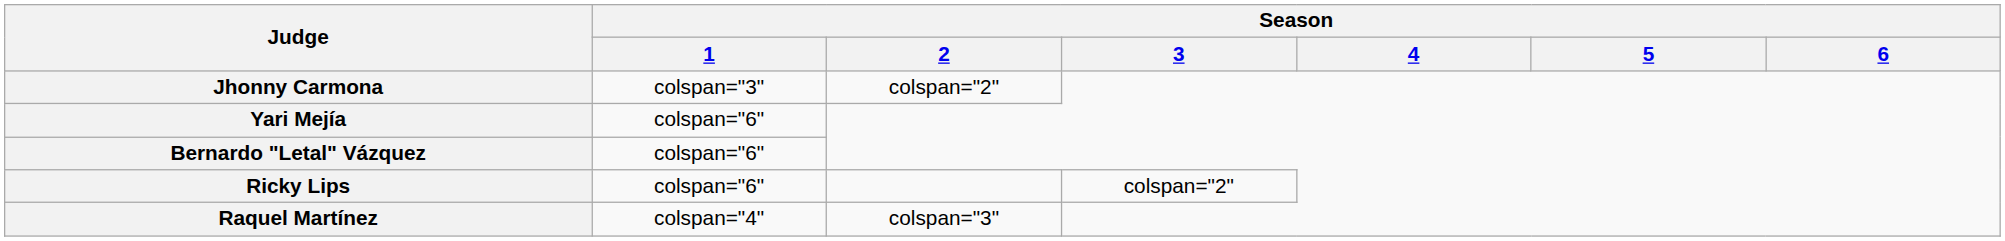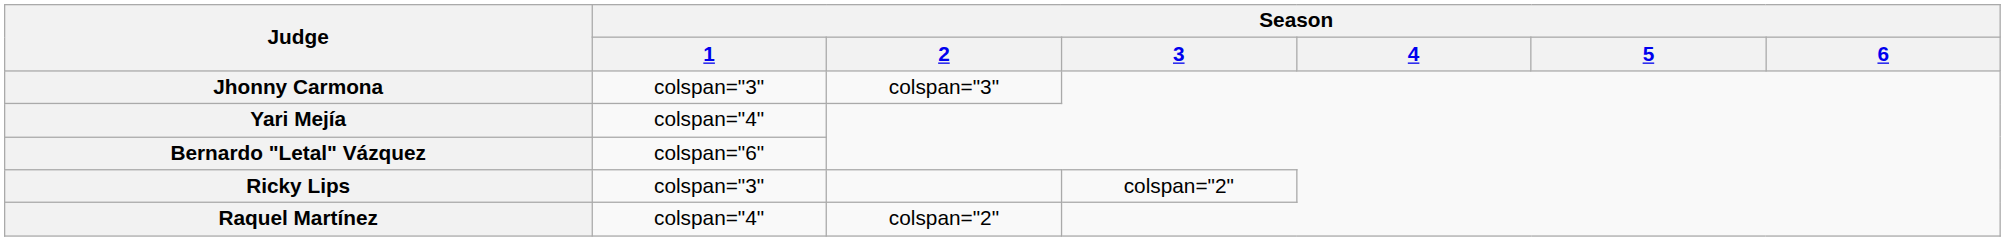 <table class="wikitable plainrowheaders" style="text-align:center">
 <tr>
 <th rowspan="2" style="width:15%;" scope="col">Judge</th>
 <th colspan="6">Season</th>
 </tr>
 <tr>
 <th style="width:6%;" scope="colspan"><a href='#'>1</a></th>
 <th style="width:6%;" scope="colspan"><a href='#'>2</a></th>
 <th style="width:6%;" scope="colspan"><a href='#'>3</a></th>
 <th style="width:6%;" scope="colspan"><a href='#'>4</a></th>
 <th style="width:6%;" scope="colspan"><a href='#'>5</a></th>
 <th style="width:6%;" scope="colspan"><a href='#'>6</a></th>
 </tr>
 <tr>
 <th scope="row" style="text-align: center;">Jhonny Carmona</th>
 <td>colspan="3" </td>
-<td>colspan="2" </td>
+<td>colspan="3" </td>
 </tr>
 <tr>
 <th scope="row" style="text-align: center;">Yari Mejía</th>
-<td>colspan="6" </td>
+<td>colspan="4" </td>
 </tr>
 <tr>
 <th scope="row" style="text-align: center;">Bernardo "Letal" Vázquez</th>
 <td>colspan="6" </td>
 </tr>
 <tr>
 <th scope="row" style="text-align: center;">Ricky Lips</th>
-<td>colspan="6" </td>
+<td>colspan="3" </td>
 <td></td>
 <td>colspan="2" </td>
 </tr>
 <tr>
 <th scope="row" style="text-align: center;">Raquel Martínez</th>
 <td>colspan="4" </td>
-<td>colspan="3" </td>
+<td>colspan="2" </td>
 </tr>
 </table>
